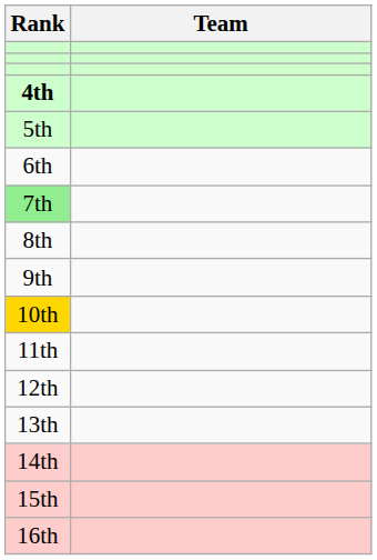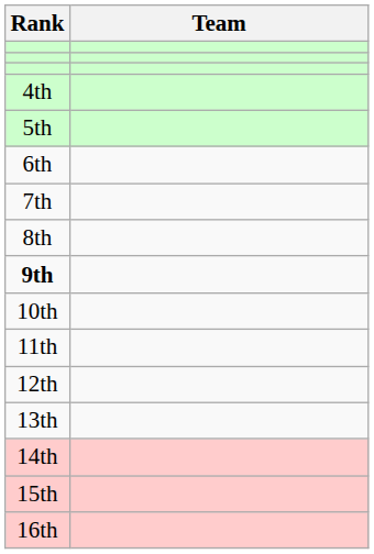 <table class=wikitable style="text-align:center;">
 <tr>
 <th>Rank</th>
 <th width=200>Team</th>
 </tr>
 <tr bgcolor="#ccffcc">
 <td></td>
 <td align=left></td>
 </tr>
 <tr bgcolor="#ccffcc">
 <td></td>
 <td align=left></td>
 </tr>
 <tr bgcolor="#ccffcc">
 <td></td>
 <td align=left></td>
 </tr>
 <tr bgcolor="#ccffcc">
-<td><strong>4th</strong></td>
+<td>4th</td>
 <td align=left></td>
 </tr>
 <tr bgcolor="#ccffcc">
 <td>5th</td>
 <td align=left></td>
 </tr>
 <tr>
 <td>6th</td>
 <td align=left></td>
 </tr>
 <tr>
-<td style="background: lightgreen;">7th</td>
+<td>7th</td>
 <td align=left></td>
 </tr>
 <tr>
 <td>8th</td>
 <td align=left></td>
 </tr>
 <tr>
-<td>9th</td>
+<td><strong>9th</strong></td>
 <td align=left></td>
 </tr>
 <tr>
-<td style="background: gold;">10th</td>
+<td>10th</td>
 <td align=left></td>
 </tr>
 <tr>
 <td>11th</td>
 <td align=left></td>
 </tr>
 <tr>
 <td>12th</td>
 <td align=left></td>
 </tr>
 <tr>
 <td>13th</td>
 <td align=left></td>
 </tr>
 <tr bgcolor=#ffcccc>
 <td>14th</td>
 <td align=left></td>
 </tr>
 <tr bgcolor=#ffcccc>
 <td>15th</td>
 <td align=left></td>
 </tr>
 <tr bgcolor=#ffcccc>
 <td>16th</td>
 <td align=left></td>
 </tr>
 </table>
